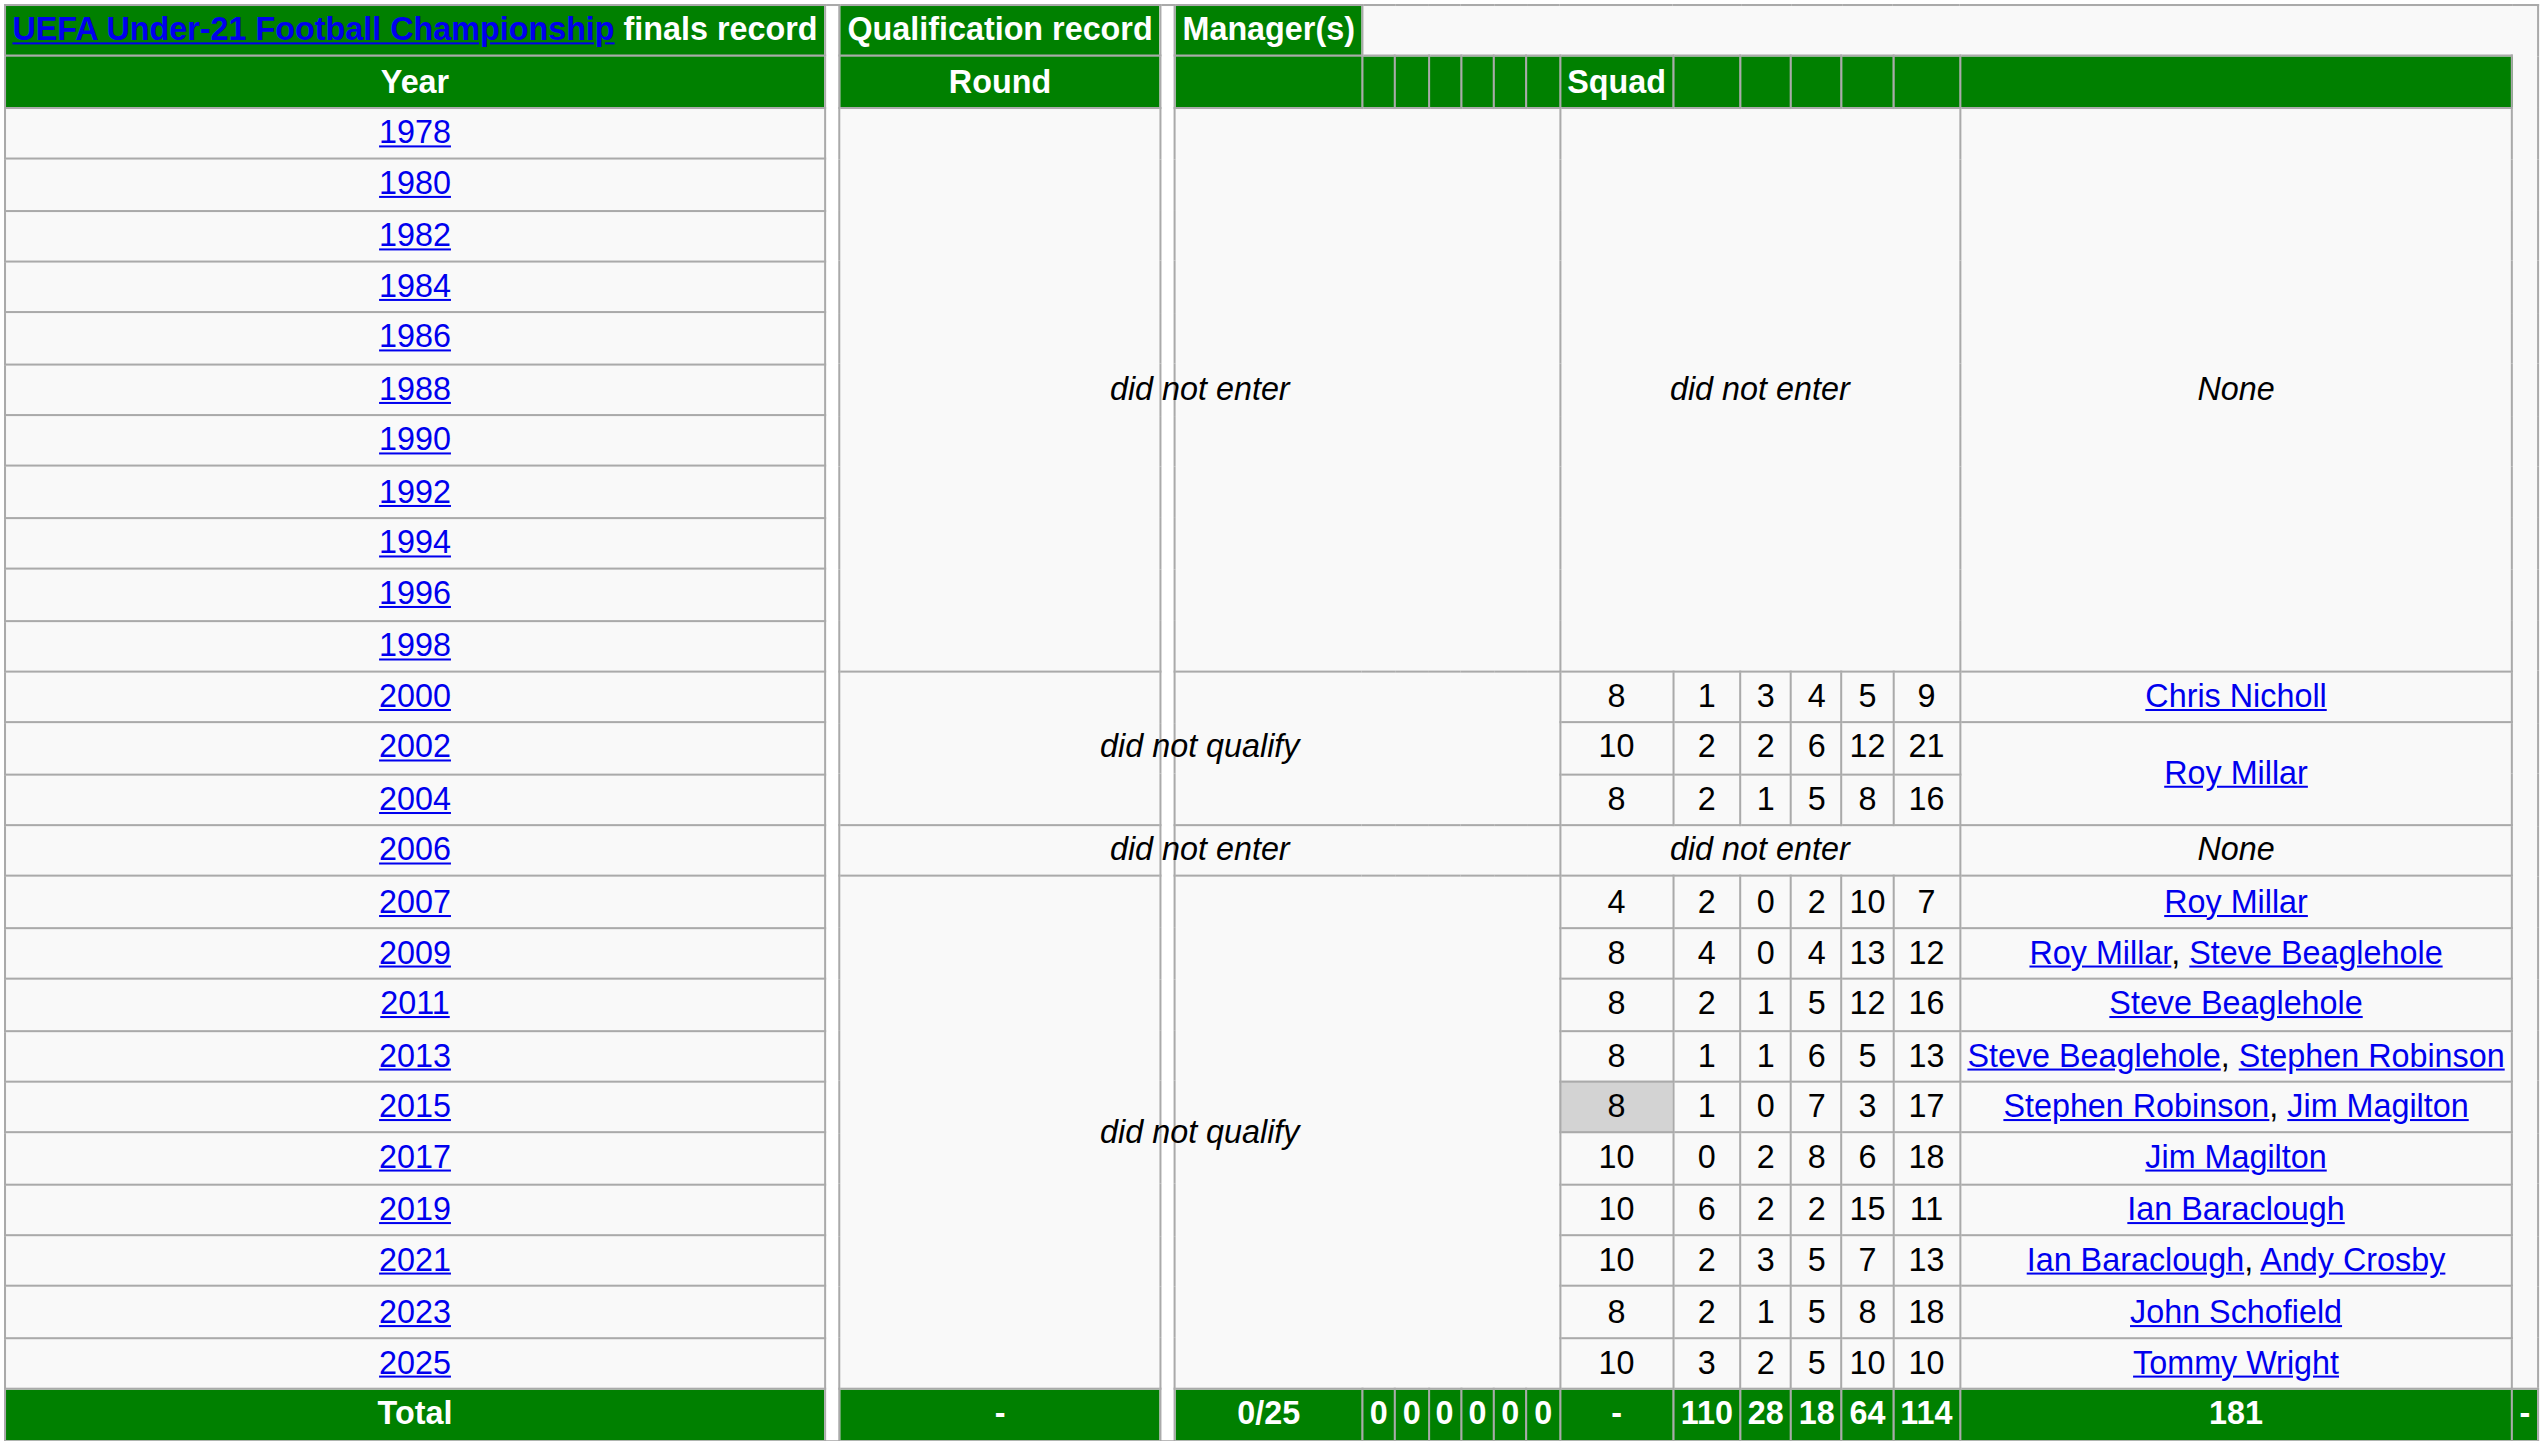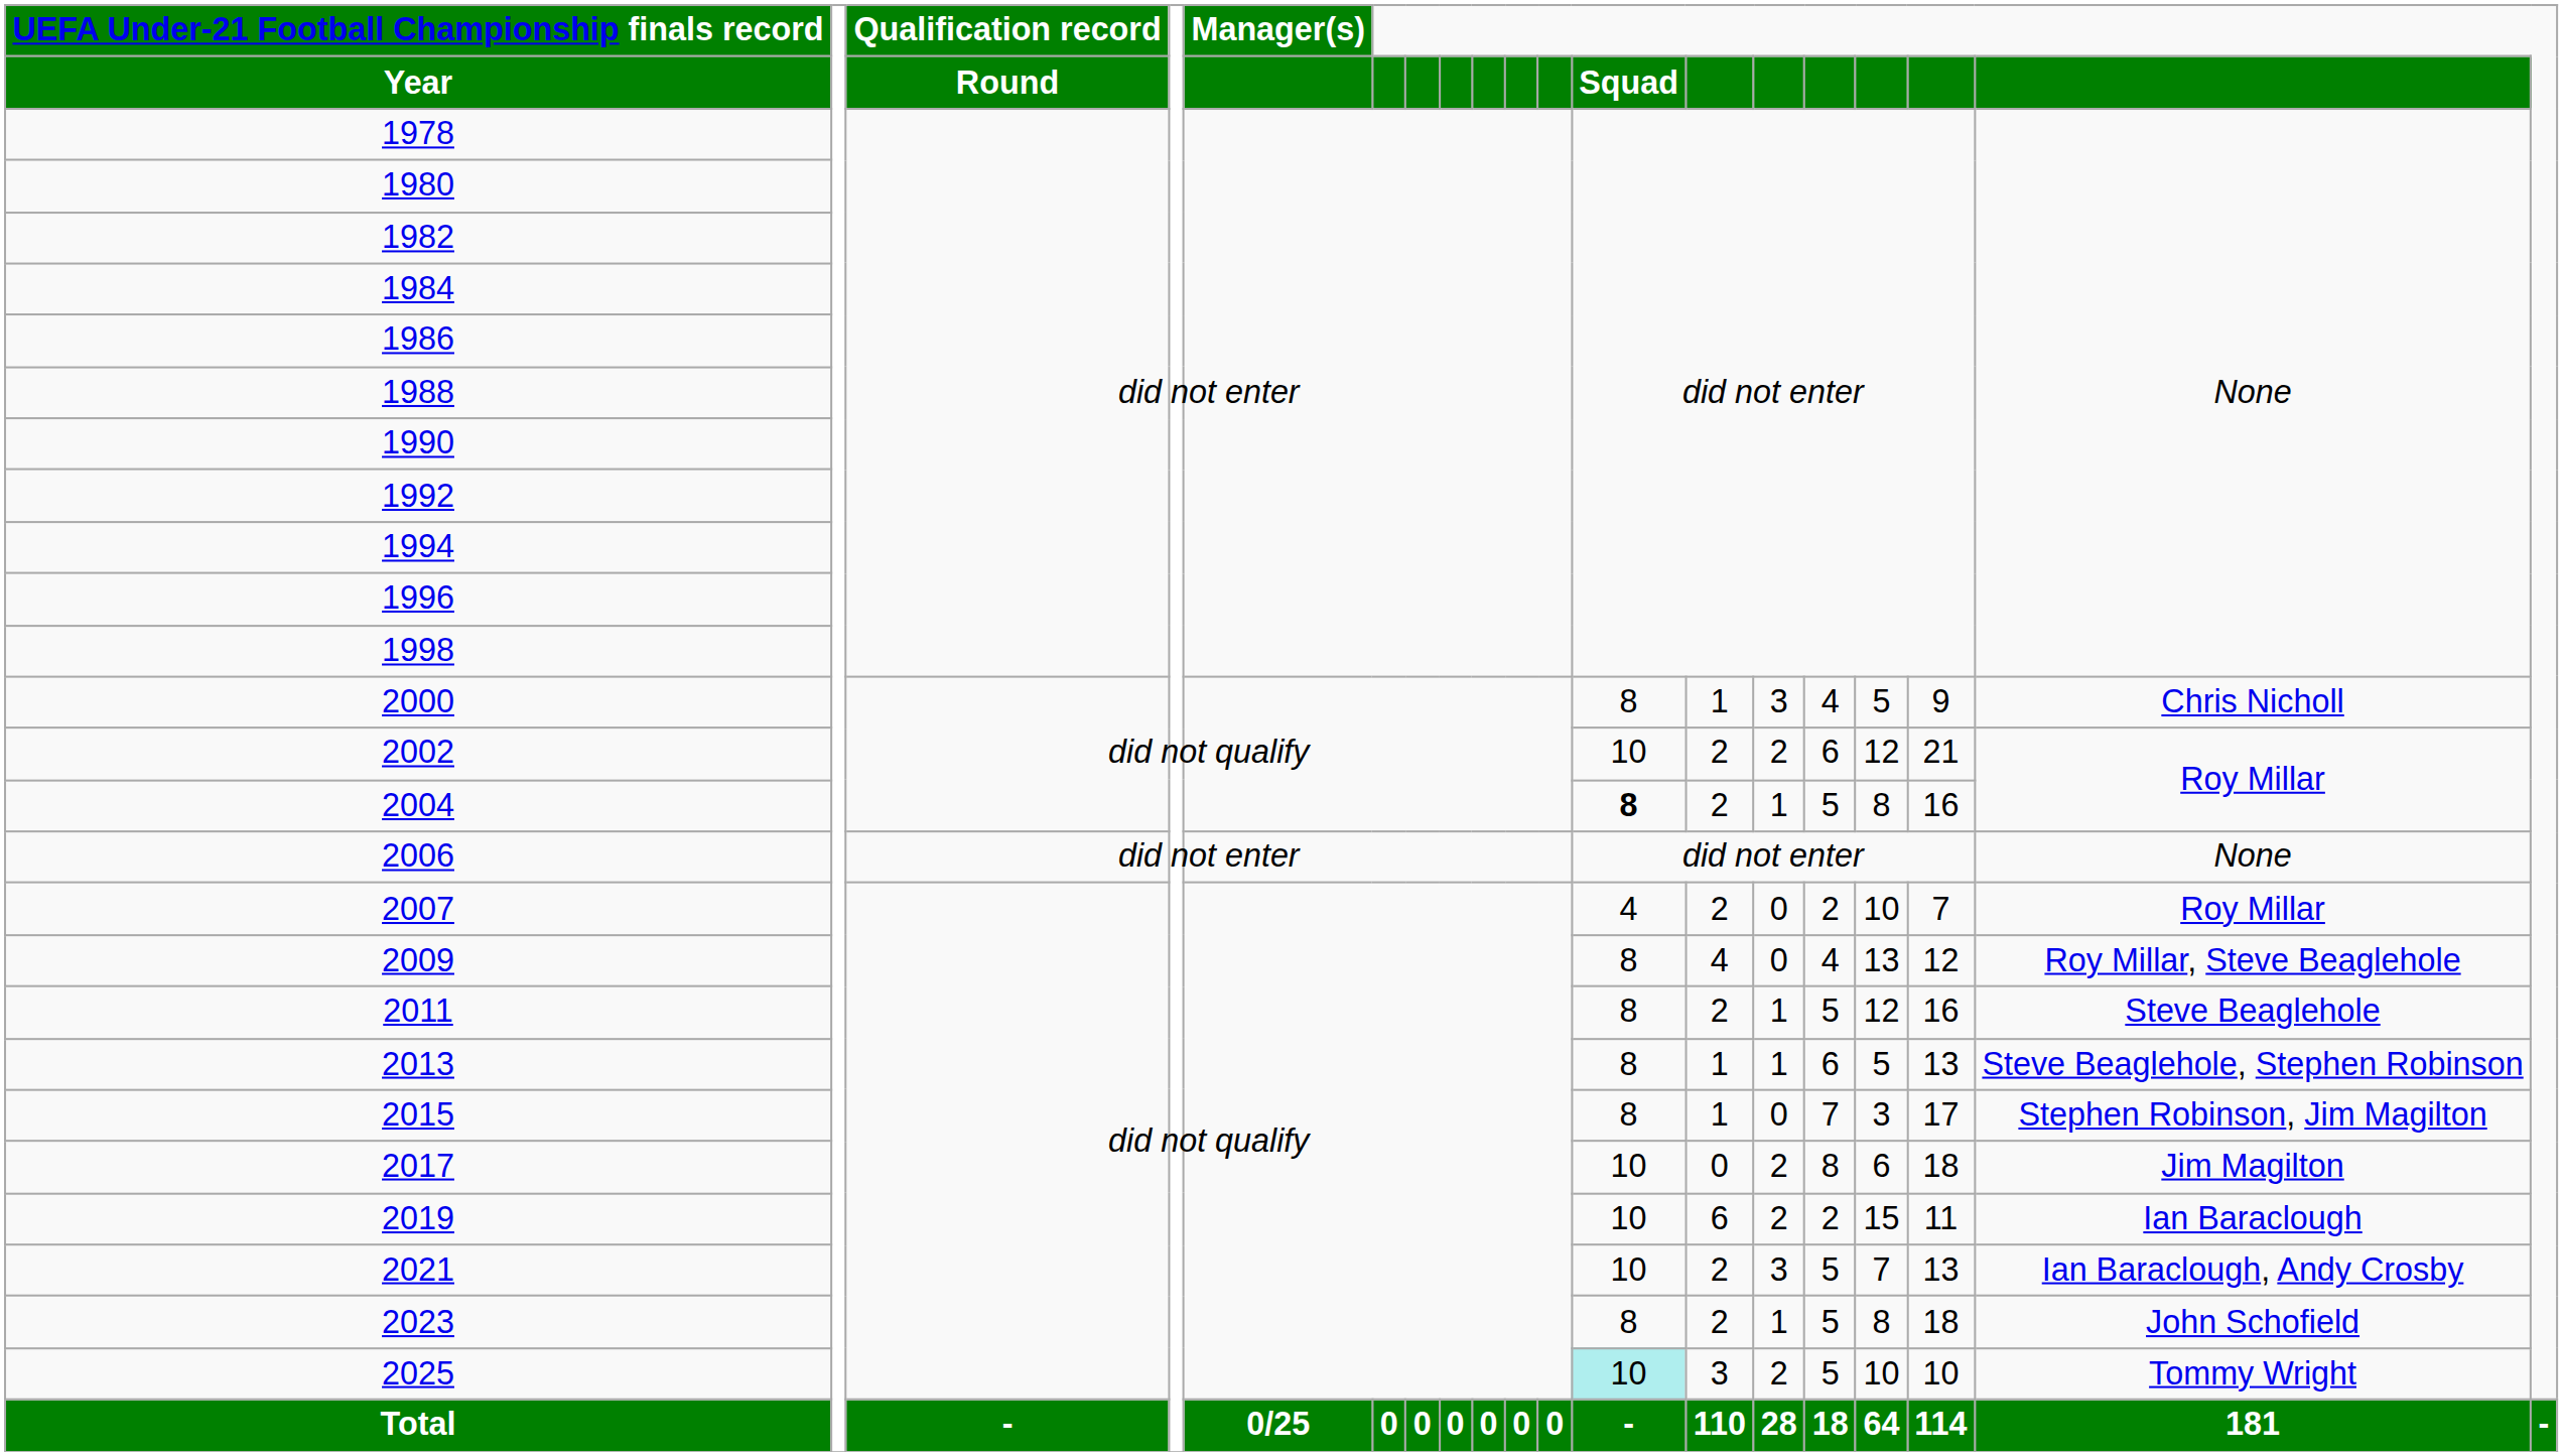 <table class="wikitable" style="text-align: center;">
 <tr>
 <th style="background-color:#008000; color:white; "><a href='#'>UEFA Under-21 Football Championship</a> finals record</th>
 <th style="background-color:white" rowspan="28"></th>
 <th style="background-color:#008000; color:white; ">Qualification record</th>
 <th style="background-color:white" rowspan="28"></th>
 <th style="background-color:#008000; color:white; ">Manager(s)</th>
 </tr>
 <tr>
 <th style="background-color:#008000; color:white; ">Year</th>
 <th style="background-color:#008000; color:white; ">Round</th>
 <th style="background-color:#008000; color:white; "></th>
 <th style="background-color:#008000; color:white; "></th>
 <th style="background-color:#008000; color:white; "></th>
 <th style="background-color:#008000; color:white; "></th>
 <th style="background-color:#008000; color:white; "></th>
 <th style="background-color:#008000; color:white; "></th>
 <th style="background-color:#008000; color:white; "></th>
 <th style="background-color:#008000; color:white; ">Squad</th>
 <th style="background-color:#008000; color:white; "></th>
 <th style="background-color:#008000; color:white; "></th>
 <th style="background-color:#008000; color:white; "></th>
 <th style="background-color:#008000; color:white; "></th>
 <th style="background-color:#008000; color:white; "></th>
 <th style="background-color:#008000; color:white; "></th>
 </tr>
 <tr>
 <td scope="row"><a href='#'>1978</a></td>
 <td rowspan="11" colspan=9><em>did not enter</em></td>
 <td rowspan="11" colspan=6><em>did not enter</em></td>
 <td rowspan="11"><em>None</em></td>
 </tr>
 <tr>
 <td scope="row"><a href='#'>1980</a></td>
 </tr>
 <tr>
 <td scope="row"><a href='#'>1982</a></td>
 </tr>
 <tr>
 <td scope="row"><a href='#'>1984</a></td>
 </tr>
 <tr>
 <td scope="row"><a href='#'>1986</a></td>
 </tr>
 <tr>
 <td scope="row"><a href='#'>1988</a></td>
 </tr>
 <tr>
 <td scope="row"><a href='#'>1990</a></td>
 </tr>
 <tr>
 <td scope="row"><a href='#'>1992</a></td>
 </tr>
 <tr>
 <td scope="row"> <a href='#'>1994</a></td>
 </tr>
 <tr>
 <td scope="row"> <a href='#'>1996</a></td>
 </tr>
 <tr>
 <td scope="row"> <a href='#'>1998</a></td>
 </tr>
 <tr>
 <td scope="row"> <a href='#'>2000</a></td>
 <td rowspan="3" colspan=9><em>did not qualify</em></td>
 <td>8</td>
 <td>1</td>
 <td>3</td>
 <td>4</td>
 <td>5</td>
 <td>9</td>
 <td><a href='#'>Chris Nicholl</a></td>
 </tr>
 <tr>
 <td scope="row"> <a href='#'>2002</a></td>
 <td>10</td>
 <td>2</td>
 <td>2</td>
 <td>6</td>
 <td>12</td>
 <td>21</td>
 <td rowspan="2"><a href='#'>Roy Millar</a></td>
 </tr>
 <tr>
 <td scope="row"> <a href='#'>2004</a></td>
-<td>8</td>
+<td><strong>8</strong></td>
 <td>2</td>
 <td>1</td>
 <td>5</td>
 <td>8</td>
 <td>16</td>
 </tr>
 <tr>
 <td scope="row"> <a href='#'>2006</a></td>
 <td rowspan="1" colspan=9><em>did not enter</em></td>
 <td rowspan="1" colspan=6><em>did not enter</em></td>
 <td rowspan="1"><em>None</em></td>
 </tr>
 <tr>
 <td scope="row"> <a href='#'>2007</a></td>
 <td rowspan="10" colspan=9><em>did not qualify</em></td>
 <td>4</td>
 <td>2</td>
 <td>0</td>
 <td>2</td>
 <td>10</td>
 <td>7</td>
 <td><a href='#'>Roy Millar</a></td>
 </tr>
 <tr>
 <td scope="row"> <a href='#'>2009</a></td>
 <td>8</td>
 <td>4</td>
 <td>0</td>
 <td>4</td>
 <td>13</td>
 <td>12</td>
 <td><a href='#'>Roy Millar</a>, <a href='#'>Steve Beaglehole</a></td>
 </tr>
 <tr>
 <td scope="row"> <a href='#'>2011</a></td>
 <td>8</td>
 <td>2</td>
 <td>1</td>
 <td>5</td>
 <td>12</td>
 <td>16</td>
 <td><a href='#'>Steve Beaglehole</a></td>
 </tr>
 <tr>
 <td scope="row"> <a href='#'>2013</a></td>
 <td>8</td>
 <td>1</td>
 <td>1</td>
 <td>6</td>
 <td>5</td>
 <td>13</td>
 <td><a href='#'>Steve Beaglehole</a>, <a href='#'>Stephen Robinson</a></td>
 </tr>
 <tr>
 <td scope="row"> <a href='#'>2015</a></td>
-<td style="background: lightgrey;">8</td>
+<td>8</td>
 <td>1</td>
 <td>0</td>
 <td>7</td>
 <td>3</td>
 <td>17</td>
 <td><a href='#'>Stephen Robinson</a>, <a href='#'>Jim Magilton</a></td>
 </tr>
 <tr>
 <td scope="row"> <a href='#'>2017</a></td>
 <td>10</td>
 <td>0</td>
 <td>2</td>
 <td>8</td>
 <td>6</td>
 <td>18</td>
 <td><a href='#'>Jim Magilton</a></td>
 </tr>
 <tr>
 <td scope="row"> <a href='#'>2019</a></td>
 <td>10</td>
 <td>6</td>
 <td>2</td>
 <td>2</td>
 <td>15</td>
 <td>11</td>
 <td><a href='#'>Ian Baraclough</a></td>
 </tr>
 <tr>
 <td scope="row"> <a href='#'>2021</a></td>
 <td>10</td>
 <td>2</td>
 <td>3</td>
 <td>5</td>
 <td>7</td>
 <td>13</td>
 <td><a href='#'>Ian Baraclough</a>, <a href='#'>Andy Crosby</a></td>
 </tr>
 <tr>
 <td scope="row"> <a href='#'>2023</a></td>
 <td>8</td>
 <td>2</td>
 <td>1</td>
 <td>5</td>
 <td>8</td>
 <td>18</td>
 <td><a href='#'>John Schofield</a></td>
 </tr>
 <tr>
 <td scope="row"> <a href='#'>2025</a></td>
-<td>10</td>
+<td style="background: paleturquoise;">10</td>
 <td>3</td>
 <td>2</td>
 <td>5</td>
 <td>10</td>
 <td>10</td>
 <td><a href='#'>Tommy Wright</a></td>
 </tr>
 <tr>
 <th style="background-color:#008000; color:white; "><strong>Total</strong></th>
 <th style="background-color:#008000; color:white; "><strong>-</strong></th>
 <th style="background-color:#008000; color:white; "><strong>0/25</strong></th>
 <th style="background-color:#008000; color:white; "><strong>0</strong></th>
 <th style="background-color:#008000; color:white; "><strong>0</strong></th>
 <th style="background-color:#008000; color:white; "><strong>0</strong></th>
 <th style="background-color:#008000; color:white; "><strong>0</strong></th>
 <th style="background-color:#008000; color:white; "><strong>0</strong></th>
 <th style="background-color:#008000; color:white; "><strong>0</strong></th>
 <th style="background-color:#008000; color:white; "><strong>-</strong></th>
 <th style="background-color:#008000; color:white; "><strong>110</strong></th>
 <th style="background-color:#008000; color:white; "><strong>28</strong></th>
 <th style="background-color:#008000; color:white; "><strong>18</strong></th>
 <th style="background-color:#008000; color:white; "><strong>64</strong></th>
 <th style="background-color:#008000; color:white; "><strong>114</strong></th>
 <th style="background-color:#008000; color:white; "><strong>181</strong></th>
 <th style="background-color:#008000; color:white; "><strong>-</strong></th>
 </tr>
 </table>
